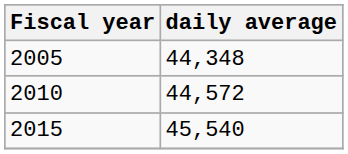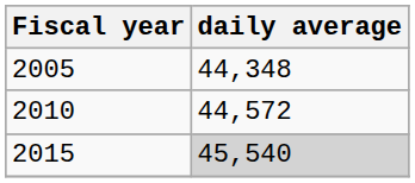 <table class="wikitable">
 <tr>
 <th>Fiscal year</th>
 <th>daily average</th>
 </tr>
 <tr>
 <td>2005</td>
 <td>44,348</td>
 </tr>
 <tr>
 <td>2010</td>
 <td>44,572</td>
 </tr>
 <tr>
 <td>2015</td>
-<td>45,540</td>
+<td style="background: lightgrey;">45,540</td>
 </tr>
 <tr>
 </tr>
 </table>
